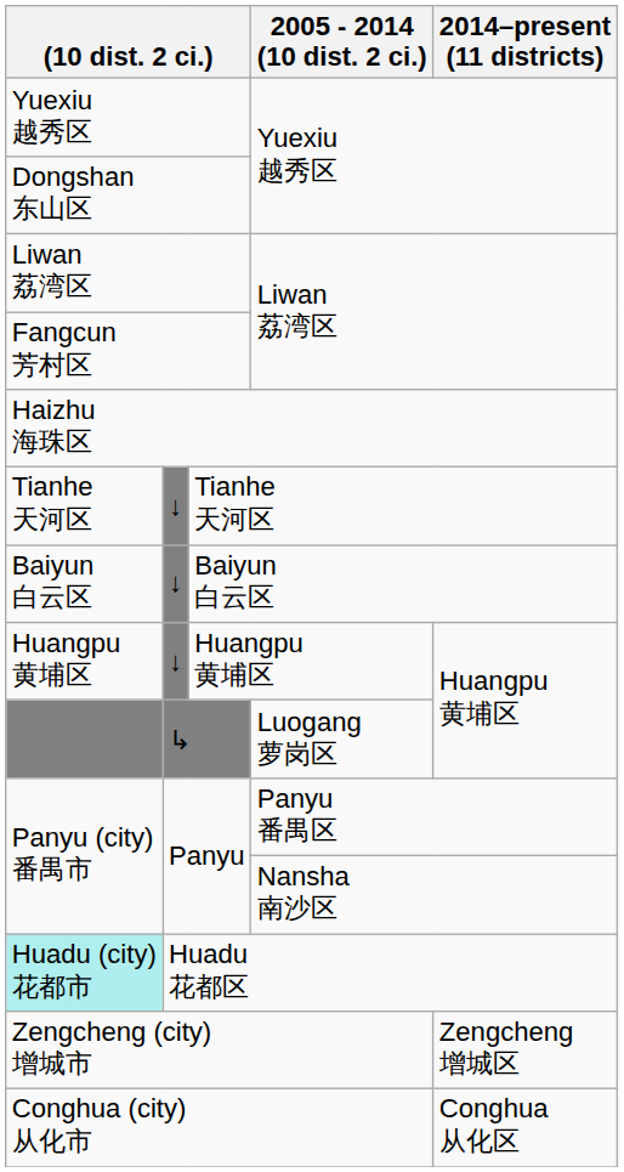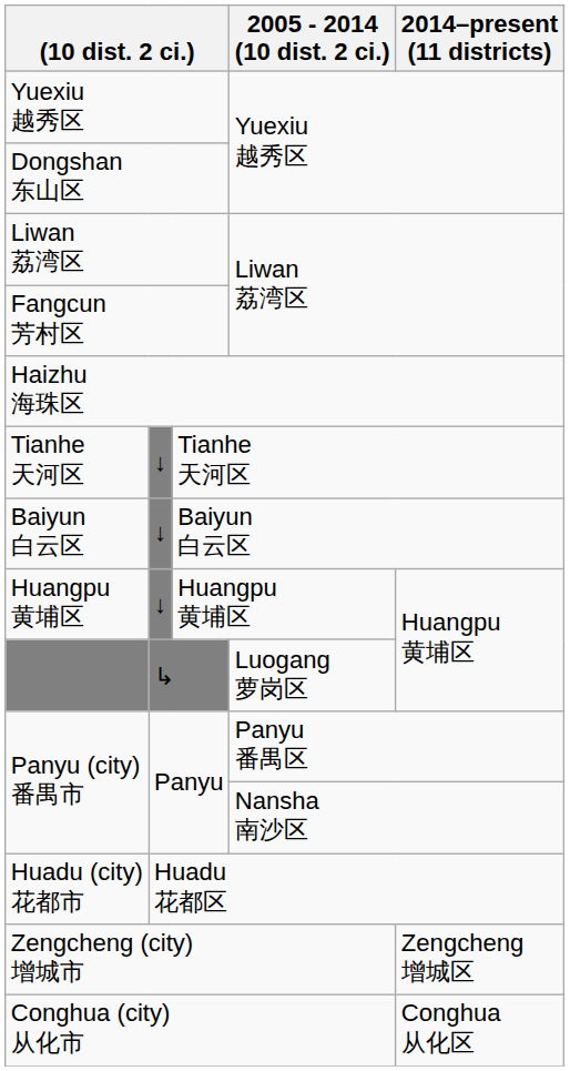 <table border="1" class=wikitable frame="box" rules="all">
 <tr>
 <th colspan="3"><br>(10 dist. 2 ci.)</th>
 <th>2005 - 2014<br>(10 dist. 2 ci.)</th>
 <th>2014–present<br>(11 districts)</th>
 </tr>
 <tr>
 <td colspan="3">Yuexiu<br>越秀区</td>
 <td rowspan="2" colspan="2">Yuexiu<br>越秀区</td>
 </tr>
 <tr>
 <td colspan="3">Dongshan<br>东山区</td>
 </tr>
 <tr>
 <td colspan="3">Liwan<br>荔湾区</td>
 <td rowspan="2" colspan="2">Liwan<br>荔湾区</td>
 </tr>
 <tr>
 <td colspan="3">Fangcun<br>芳村区</td>
 </tr>
 <tr>
 <td colspan="5">Haizhu<br>海珠区</td>
 </tr>
 <tr>
 <td colspan="1">Tianhe<br>天河区</td>
 <td bgcolor="grey" width="1">↓</td>
 <td colspan="3">Tianhe<br>天河区</td>
 </tr>
 <tr>
 <td colspan="1">Baiyun<br>白云区</td>
 <td bgcolor="grey" width="1">↓</td>
 <td colspan="3">Baiyun<br>白云区</td>
 </tr>
 <tr>
 <td colspan="1">Huangpu<br>黄埔区</td>
 <td bgcolor="grey" width="1">↓</td>
 <td colspan="2">Huangpu<br>黄埔区</td>
 <td rowspan="2" colspan="1">Huangpu<br>黄埔区</td>
 </tr>
 <tr>
 <td bgcolor="grey"></td>
 <td bgcolor="grey" colspan="2">↳</td>
 <td colspan="1">Luogang<br>萝岗区</td>
 </tr>
 <tr>
 <td rowspan="2">Panyu (city)<br>番禺市</td>
 <td rowspan="2" colspan="2">Panyu<br></td>
 <td colspan="2">Panyu<br>番禺区</td>
 </tr>
 <tr>
 <td colspan="2">Nansha<br>南沙区</td>
 </tr>
 <tr>
-<td style="background: paleturquoise;">Huadu (city)<br>花都市</td>
+<td>Huadu (city)<br>花都市</td>
 <td colspan="4">Huadu<br>花都区</td>
 </tr>
 <tr>
 <td colspan="4">Zengcheng (city)<br>增城市</td>
 <td colspan="3">Zengcheng<br>增城区</td>
 </tr>
 <tr>
 <td colspan="4">Conghua (city)<br>从化市</td>
 <td colspan="3">Conghua<br>从化区</td>
 </tr>
 </table>
